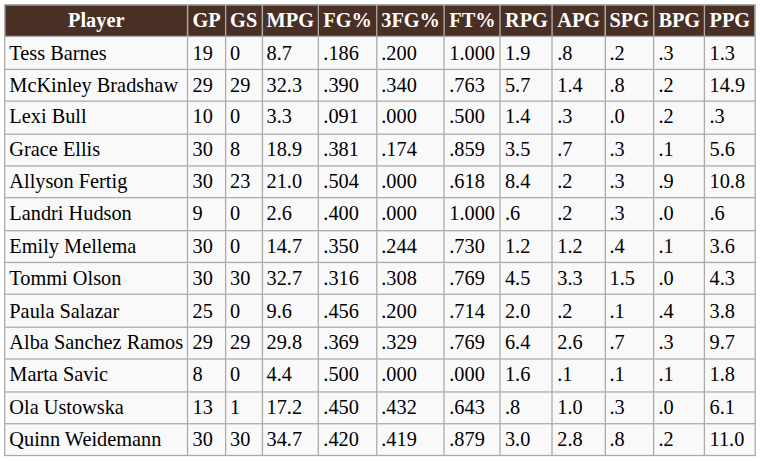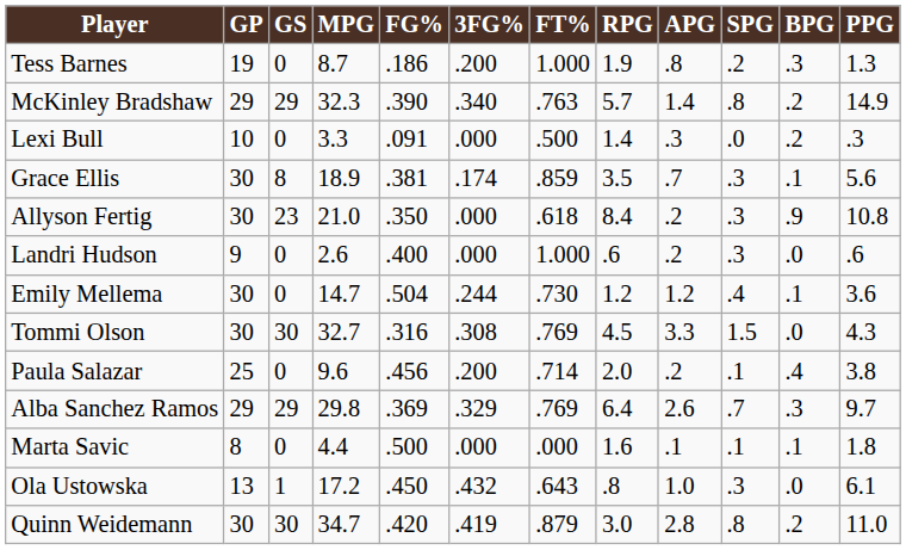 <table class="wikitable sortable">
 <tr>
 <th style="background:#492f24; color:white">Player</th>
 <th style="background:#492f24; color:white">GP</th>
 <th style="background:#492f24; color:white">GS</th>
 <th style="background:#492f24; color:white">MPG</th>
 <th style="background:#492f24; color:white">FG%</th>
 <th style="background:#492f24; color:white">3FG%</th>
 <th style="background:#492f24; color:white">FT%</th>
 <th style="background:#492f24; color:white;">RPG</th>
 <th style="background:#492f24; color:white;">APG</th>
 <th style="background:#492f24; color:white;">SPG</th>
 <th style="background:#492f24; color:white;">BPG</th>
 <th style="background:#492f24; color:white;">PPG</th>
 </tr>
 <tr>
 <td>Tess Barnes</td>
 <td>19</td>
 <td>0</td>
 <td>8.7</td>
 <td>.186</td>
 <td>.200</td>
 <td>1.000</td>
 <td>1.9</td>
 <td>.8</td>
 <td>.2</td>
 <td>.3</td>
 <td>1.3</td>
 </tr>
 <tr>
 <td>McKinley Bradshaw</td>
 <td>29</td>
 <td>29</td>
 <td>32.3</td>
 <td>.390</td>
 <td>.340</td>
 <td>.763</td>
 <td>5.7</td>
 <td>1.4</td>
 <td>.8</td>
 <td>.2</td>
 <td>14.9</td>
 </tr>
 <tr>
 <td>Lexi Bull</td>
 <td>10</td>
 <td>0</td>
 <td>3.3</td>
 <td>.091</td>
 <td>.000</td>
 <td>.500</td>
 <td>1.4</td>
 <td>.3</td>
 <td>.0</td>
 <td>.2</td>
 <td>.3</td>
 </tr>
 <tr>
 <td>Grace Ellis</td>
 <td>30</td>
 <td>8</td>
 <td>18.9</td>
 <td>.381</td>
 <td>.174</td>
 <td>.859</td>
 <td>3.5</td>
 <td>.7</td>
 <td>.3</td>
 <td>.1</td>
 <td>5.6</td>
 </tr>
 <tr>
 <td>Allyson Fertig</td>
 <td>30</td>
 <td>23</td>
 <td>21.0</td>
-<td>.504</td>
+<td>.350</td>
 <td>.000</td>
 <td>.618</td>
 <td>8.4</td>
 <td>.2</td>
 <td>.3</td>
 <td>.9</td>
 <td>10.8</td>
 </tr>
 <tr>
 <td>Landri Hudson</td>
 <td>9</td>
 <td>0</td>
 <td>2.6</td>
 <td>.400</td>
 <td>.000</td>
 <td>1.000</td>
 <td>.6</td>
 <td>.2</td>
 <td>.3</td>
 <td>.0</td>
 <td>.6</td>
 </tr>
 <tr>
 <td>Emily Mellema</td>
 <td>30</td>
 <td>0</td>
 <td>14.7</td>
-<td>.350</td>
+<td>.504</td>
 <td>.244</td>
 <td>.730</td>
 <td>1.2</td>
 <td>1.2</td>
 <td>.4</td>
 <td>.1</td>
 <td>3.6</td>
 </tr>
 <tr>
 <td>Tommi Olson</td>
 <td>30</td>
 <td>30</td>
 <td>32.7</td>
 <td>.316</td>
 <td>.308</td>
 <td>.769</td>
 <td>4.5</td>
 <td>3.3</td>
 <td>1.5</td>
 <td>.0</td>
 <td>4.3</td>
 </tr>
 <tr>
 <td>Paula Salazar</td>
 <td>25</td>
 <td>0</td>
 <td>9.6</td>
 <td>.456</td>
 <td>.200</td>
 <td>.714</td>
 <td>2.0</td>
 <td>.2</td>
 <td>.1</td>
 <td>.4</td>
 <td>3.8</td>
 </tr>
 <tr>
 <td>Alba Sanchez Ramos</td>
 <td>29</td>
 <td>29</td>
 <td>29.8</td>
 <td>.369</td>
 <td>.329</td>
 <td>.769</td>
 <td>6.4</td>
 <td>2.6</td>
 <td>.7</td>
 <td>.3</td>
 <td>9.7</td>
 </tr>
 <tr>
 <td>Marta Savic</td>
 <td>8</td>
 <td>0</td>
 <td>4.4</td>
 <td>.500</td>
 <td>.000</td>
 <td>.000</td>
 <td>1.6</td>
 <td>.1</td>
 <td>.1</td>
 <td>.1</td>
 <td>1.8</td>
 </tr>
 <tr>
 <td>Ola Ustowska</td>
 <td>13</td>
 <td>1</td>
 <td>17.2</td>
 <td>.450</td>
 <td>.432</td>
 <td>.643</td>
 <td>.8</td>
 <td>1.0</td>
 <td>.3</td>
 <td>.0</td>
 <td>6.1</td>
 </tr>
 <tr>
 <td>Quinn Weidemann</td>
 <td>30</td>
 <td>30</td>
 <td>34.7</td>
 <td>.420</td>
 <td>.419</td>
 <td>.879</td>
 <td>3.0</td>
 <td>2.8</td>
 <td>.8</td>
 <td>.2</td>
 <td>11.0</td>
 </tr>
 </table>
